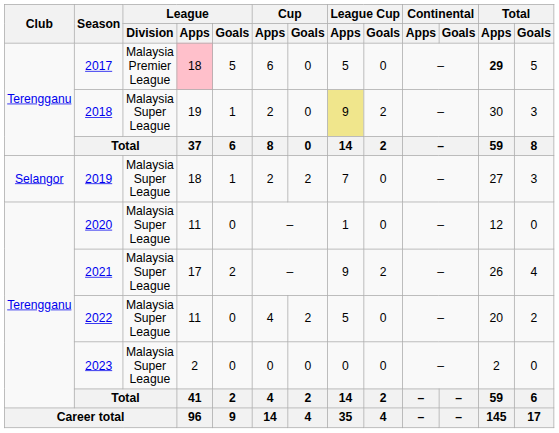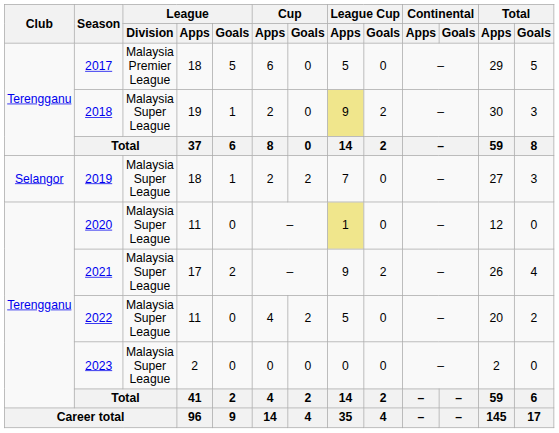 <table class=wikitable style="text-align:center">
 <tr>
 <th rowspan=2>Club</th>
 <th rowspan=2>Season</th>
 <th colspan=3>League</th>
 <th colspan=2>Cup</th>
 <th colspan=2>League Cup</th>
 <th colspan=2>Continental</th>
 <th colspan=2>Total</th>
 </tr>
 <tr>
 <th>Division</th>
 <th>Apps</th>
 <th>Goals</th>
 <th>Apps</th>
 <th>Goals</th>
 <th>Apps</th>
 <th>Goals</th>
 <th>Apps</th>
 <th>Goals</th>
 <th>Apps</th>
 <th>Goals</th>
 </tr>
 <tr>
 <td rowspan=3><a href='#'>Terengganu</a></td>
 <td><a href='#'>2017</a></td>
 <td>Malaysia Premier League</td>
-<td style="background: pink;">18</td>
+<td>18</td>
 <td>5</td>
 <td>6</td>
 <td>0</td>
 <td>5</td>
 <td>0</td>
 <td colspan=2>–</td>
-<td><strong>29</strong></td>
+<td>29</td>
 <td>5</td>
 </tr>
 <tr>
 <td><a href='#'>2018</a></td>
 <td>Malaysia Super League</td>
 <td>19</td>
 <td>1</td>
 <td>2</td>
 <td>0</td>
 <td style="background: khaki;">9</td>
 <td>2</td>
 <td colspan=2>–</td>
 <td>30</td>
 <td>3</td>
 </tr>
 <tr>
 <th colspan="2">Total</th>
 <th>37</th>
 <th>6</th>
 <th>8</th>
 <th>0</th>
 <th>14</th>
 <th>2</th>
 <th colspan=2>–</th>
 <th>59</th>
 <th>8</th>
 </tr>
 <tr>
 <td><a href='#'>Selangor</a></td>
 <td><a href='#'>2019</a></td>
 <td>Malaysia Super League</td>
 <td>18</td>
 <td>1</td>
 <td>2</td>
 <td>2</td>
 <td>7</td>
 <td>0</td>
 <td colspan=2>–</td>
 <td>27</td>
 <td>3</td>
 </tr>
 <tr>
 <td rowspan=5><a href='#'>Terengganu</a></td>
 <td><a href='#'>2020</a></td>
 <td>Malaysia Super League</td>
 <td>11</td>
 <td>0</td>
 <td colspan=2>–</td>
-<td>1</td>
+<td style="background: khaki;">1</td>
 <td>0</td>
 <td colspan=2>–</td>
 <td>12</td>
 <td>0</td>
 </tr>
 <tr>
 <td><a href='#'>2021</a></td>
 <td>Malaysia Super League</td>
 <td>17</td>
 <td>2</td>
 <td colspan=2>–</td>
 <td>9</td>
 <td>2</td>
 <td colspan=2>–</td>
 <td>26</td>
 <td>4</td>
 </tr>
 <tr>
 <td><a href='#'>2022</a></td>
 <td>Malaysia Super League</td>
 <td>11</td>
 <td>0</td>
 <td>4</td>
 <td>2</td>
 <td>5</td>
 <td>0</td>
 <td colspan=2>–</td>
 <td>20</td>
 <td>2</td>
 </tr>
 <tr>
 <td><a href='#'>2023</a></td>
 <td>Malaysia Super League</td>
 <td>2</td>
 <td>0</td>
 <td>0</td>
 <td>0</td>
 <td>0</td>
 <td>0</td>
 <td colspan=2>–</td>
 <td>2</td>
 <td>0</td>
 </tr>
 <tr>
 <th colspan="2">Total</th>
 <th>41</th>
 <th>2</th>
 <th>4</th>
 <th>2</th>
 <th>14</th>
 <th>2</th>
 <th>–</th>
 <th>–</th>
 <th>59</th>
 <th>6</th>
 </tr>
 <tr>
 <th colspan="3">Career total</th>
 <th>96</th>
 <th>9</th>
 <th>14</th>
 <th>4</th>
 <th>35</th>
 <th>4</th>
 <th>–</th>
 <th>–</th>
 <th>145</th>
 <th>17</th>
 </tr>
 </table>
